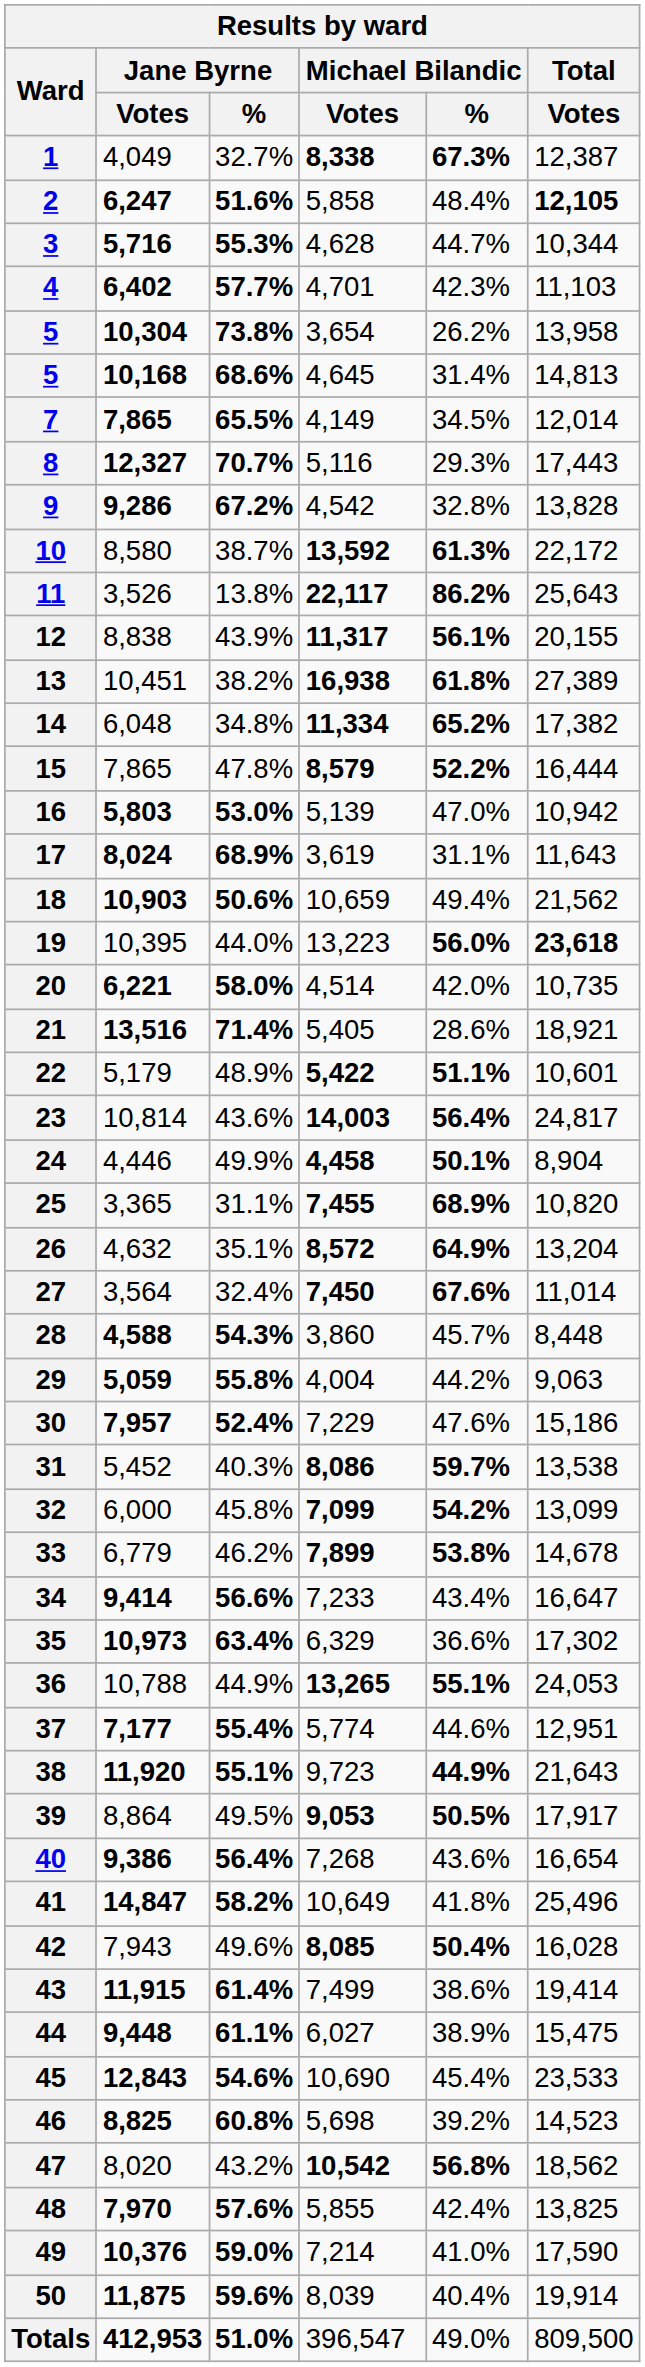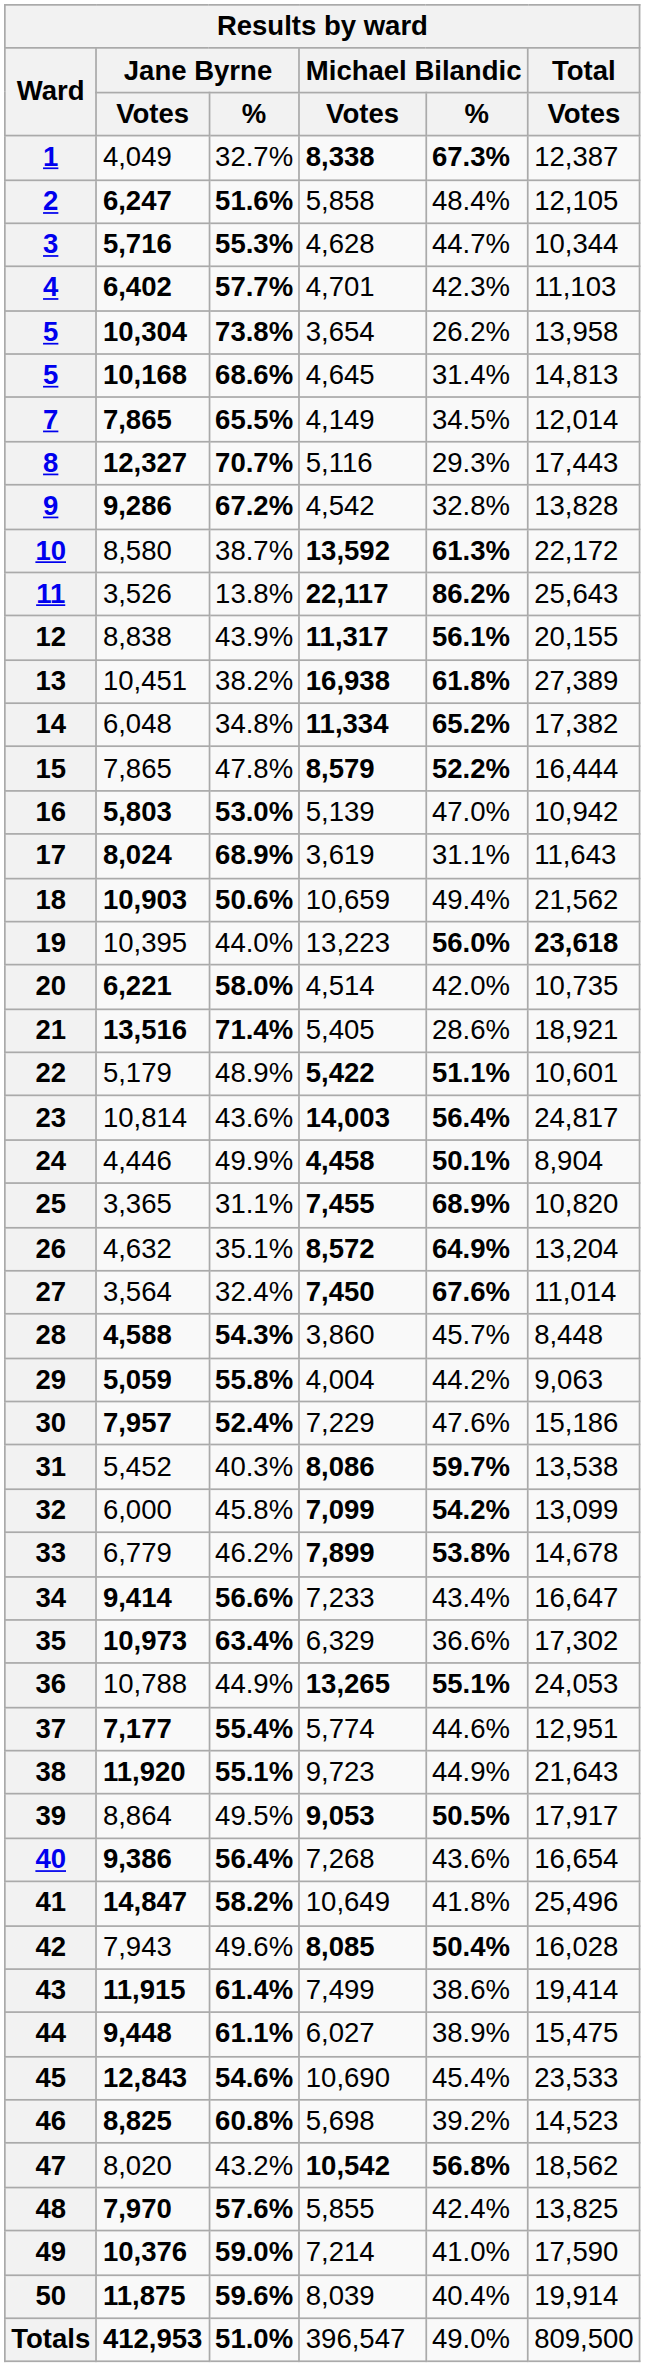 <table class="wikitable collapsible collapsed sortable">
 <tr>
 <th colspan=6>Results by ward</th>
 </tr>
 <tr>
 <th rowspan=2>Ward</th>
 <th colspan=2>Jane Byrne</th>
 <th colspan=2>Michael Bilandic</th>
 <th>Total</th>
 </tr>
 <tr>
 <th>Votes</th>
 <th>%</th>
 <th>Votes</th>
 <th>%</th>
 <th>Votes</th>
 </tr>
 <tr>
 <th><a href='#'>1</a></th>
 <td>4,049</td>
 <td>32.7%</td>
 <td><strong>8,338</strong></td>
 <td><strong>67.3%</strong></td>
 <td>12,387</td>
 </tr>
 <tr>
 <th><a href='#'>2</a></th>
 <td><strong>6,247</strong></td>
 <td><strong>51.6%</strong></td>
 <td>5,858</td>
 <td>48.4%</td>
-<td><strong>12,105</strong></td>
+<td>12,105</td>
 </tr>
 <tr>
 <th><a href='#'>3</a></th>
 <td><strong>5,716</strong></td>
 <td><strong>55.3%</strong></td>
 <td>4,628</td>
 <td>44.7%</td>
 <td>10,344</td>
 </tr>
 <tr>
 <th><a href='#'>4</a></th>
 <td><strong>6,402</strong></td>
 <td><strong>57.7%</strong></td>
 <td>4,701</td>
 <td>42.3%</td>
 <td>11,103</td>
 </tr>
 <tr>
 <th><a href='#'>5</a></th>
 <td><strong>10,304</strong></td>
 <td><strong>73.8%</strong></td>
 <td>3,654</td>
 <td>26.2%</td>
 <td>13,958</td>
 </tr>
 <tr>
 <th><a href='#'>5</a></th>
 <td><strong>10,168</strong></td>
 <td><strong>68.6%</strong></td>
 <td>4,645</td>
 <td>31.4%</td>
 <td>14,813</td>
 </tr>
 <tr>
 <th><a href='#'>7</a></th>
 <td><strong>7,865</strong></td>
 <td><strong>65.5%</strong></td>
 <td>4,149</td>
 <td>34.5%</td>
 <td>12,014</td>
 </tr>
 <tr>
 <th><a href='#'>8</a></th>
 <td><strong>12,327</strong></td>
 <td><strong>70.7%</strong></td>
 <td>5,116</td>
 <td>29.3%</td>
 <td>17,443</td>
 </tr>
 <tr>
 <th><a href='#'>9</a></th>
 <td><strong>9,286</strong></td>
 <td><strong>67.2%</strong></td>
 <td>4,542</td>
 <td>32.8%</td>
 <td>13,828</td>
 </tr>
 <tr>
 <th><a href='#'>10</a></th>
 <td>8,580</td>
 <td>38.7%</td>
 <td><strong>13,592</strong></td>
 <td><strong>61.3%</strong></td>
 <td>22,172</td>
 </tr>
 <tr>
 <th><a href='#'>11</a></th>
 <td>3,526</td>
 <td>13.8%</td>
 <td><strong>22,117</strong></td>
 <td><strong>86.2%</strong></td>
 <td>25,643</td>
 </tr>
 <tr>
 <th>12</th>
 <td>8,838</td>
 <td>43.9%</td>
 <td><strong>11,317</strong></td>
 <td><strong>56.1%</strong></td>
 <td>20,155</td>
 </tr>
 <tr>
 <th>13</th>
 <td>10,451</td>
 <td>38.2%</td>
 <td><strong>16,938</strong></td>
 <td><strong>61.8%</strong></td>
 <td>27,389</td>
 </tr>
 <tr>
 <th>14</th>
 <td>6,048</td>
 <td>34.8%</td>
 <td><strong>11,334</strong></td>
 <td><strong>65.2%</strong></td>
 <td>17,382</td>
 </tr>
 <tr>
 <th>15</th>
 <td>7,865</td>
 <td>47.8%</td>
 <td><strong>8,579</strong></td>
 <td><strong>52.2%</strong></td>
 <td>16,444</td>
 </tr>
 <tr>
 <th>16</th>
 <td><strong>5,803</strong></td>
 <td><strong>53.0%</strong></td>
 <td>5,139</td>
 <td>47.0%</td>
 <td>10,942</td>
 </tr>
 <tr>
 <th>17</th>
 <td><strong>8,024</strong></td>
 <td><strong>68.9%</strong></td>
 <td>3,619</td>
 <td>31.1%</td>
 <td>11,643</td>
 </tr>
 <tr>
 <th>18</th>
 <td><strong>10,903</strong></td>
 <td><strong>50.6%</strong></td>
 <td>10,659</td>
 <td>49.4%</td>
 <td>21,562</td>
 </tr>
 <tr>
 <th>19</th>
 <td>10,395</td>
 <td>44.0%</td>
 <td>13,223</td>
 <td><strong>56.0%</strong></td>
 <td><strong>23,618</strong></td>
 </tr>
 <tr>
 <th>20</th>
 <td><strong>6,221</strong></td>
 <td><strong>58.0%</strong></td>
 <td>4,514</td>
 <td>42.0%</td>
 <td>10,735</td>
 </tr>
 <tr>
 <th>21</th>
 <td><strong>13,516</strong></td>
 <td><strong>71.4%</strong></td>
 <td>5,405</td>
 <td>28.6%</td>
 <td>18,921</td>
 </tr>
 <tr>
 <th>22</th>
 <td>5,179</td>
 <td>48.9%</td>
 <td><strong>5,422</strong></td>
 <td><strong>51.1%</strong></td>
 <td>10,601</td>
 </tr>
 <tr>
 <th>23</th>
 <td>10,814</td>
 <td>43.6%</td>
 <td><strong>14,003</strong></td>
 <td><strong>56.4%</strong></td>
 <td>24,817</td>
 </tr>
 <tr>
 <th>24</th>
 <td>4,446</td>
 <td>49.9%</td>
 <td><strong>4,458</strong></td>
 <td><strong>50.1%</strong></td>
 <td>8,904</td>
 </tr>
 <tr>
 <th>25</th>
 <td>3,365</td>
 <td>31.1%</td>
 <td><strong>7,455</strong></td>
 <td><strong>68.9%</strong></td>
 <td>10,820</td>
 </tr>
 <tr>
 <th>26</th>
 <td>4,632</td>
 <td>35.1%</td>
 <td><strong>8,572</strong></td>
 <td><strong>64.9%</strong></td>
 <td>13,204</td>
 </tr>
 <tr>
 <th>27</th>
 <td>3,564</td>
 <td>32.4%</td>
 <td><strong>7,450</strong></td>
 <td><strong>67.6%</strong></td>
 <td>11,014</td>
 </tr>
 <tr>
 <th>28</th>
 <td><strong>4,588</strong></td>
 <td><strong>54.3%</strong></td>
 <td>3,860</td>
 <td>45.7%</td>
 <td>8,448</td>
 </tr>
 <tr>
 <th>29</th>
 <td><strong>5,059</strong></td>
 <td><strong>55.8%</strong></td>
 <td>4,004</td>
 <td>44.2%</td>
 <td>9,063</td>
 </tr>
 <tr>
 <th>30</th>
 <td><strong>7,957</strong></td>
 <td><strong>52.4%</strong></td>
 <td>7,229</td>
 <td>47.6%</td>
 <td>15,186</td>
 </tr>
 <tr>
 <th>31</th>
 <td>5,452</td>
 <td>40.3%</td>
 <td><strong>8,086</strong></td>
 <td><strong>59.7%</strong></td>
 <td>13,538</td>
 </tr>
 <tr>
 <th>32</th>
 <td>6,000</td>
 <td>45.8%</td>
 <td><strong>7,099</strong></td>
 <td><strong>54.2%</strong></td>
 <td>13,099</td>
 </tr>
 <tr>
 <th>33</th>
 <td>6,779</td>
 <td>46.2%</td>
 <td><strong>7,899</strong></td>
 <td><strong>53.8%</strong></td>
 <td>14,678</td>
 </tr>
 <tr>
 <th>34</th>
 <td><strong>9,414</strong></td>
 <td><strong>56.6%</strong></td>
 <td>7,233</td>
 <td>43.4%</td>
 <td>16,647</td>
 </tr>
 <tr>
 <th>35</th>
 <td><strong>10,973</strong></td>
 <td><strong>63.4%</strong></td>
 <td>6,329</td>
 <td>36.6%</td>
 <td>17,302</td>
 </tr>
 <tr>
 <th>36</th>
 <td>10,788</td>
 <td>44.9%</td>
 <td><strong>13,265</strong></td>
 <td><strong>55.1%</strong></td>
 <td>24,053</td>
 </tr>
 <tr>
 <th>37</th>
 <td><strong>7,177</strong></td>
 <td><strong>55.4%</strong></td>
 <td>5,774</td>
 <td>44.6%</td>
 <td>12,951</td>
 </tr>
 <tr>
 <th>38</th>
 <td><strong>11,920</strong></td>
 <td><strong>55.1%</strong></td>
 <td>9,723</td>
-<td><strong>44.9%</strong></td>
+<td>44.9%</td>
 <td>21,643</td>
 </tr>
 <tr>
 <th>39</th>
 <td>8,864</td>
 <td>49.5%</td>
 <td><strong>9,053</strong></td>
 <td><strong>50.5%</strong></td>
 <td>17,917</td>
 </tr>
 <tr>
 <th><a href='#'>40</a></th>
 <td><strong>9,386</strong></td>
 <td><strong>56.4%</strong></td>
 <td>7,268</td>
 <td>43.6%</td>
 <td>16,654</td>
 </tr>
 <tr>
 <th>41</th>
 <td><strong>14,847</strong></td>
 <td><strong>58.2%</strong></td>
 <td>10,649</td>
 <td>41.8%</td>
 <td>25,496</td>
 </tr>
 <tr>
 <th>42</th>
 <td>7,943</td>
 <td>49.6%</td>
 <td><strong>8,085</strong></td>
 <td><strong>50.4%</strong></td>
 <td>16,028</td>
 </tr>
 <tr>
 <th>43</th>
 <td><strong>11,915</strong></td>
 <td><strong>61.4%</strong></td>
 <td>7,499</td>
 <td>38.6%</td>
 <td>19,414</td>
 </tr>
 <tr>
 <th>44</th>
 <td><strong>9,448</strong></td>
 <td><strong>61.1%</strong></td>
 <td>6,027</td>
 <td>38.9%</td>
 <td>15,475</td>
 </tr>
 <tr>
 <th>45</th>
 <td><strong>12,843</strong></td>
 <td><strong>54.6%</strong></td>
 <td>10,690</td>
 <td>45.4%</td>
 <td>23,533</td>
 </tr>
 <tr>
 <th>46</th>
 <td><strong>8,825</strong></td>
 <td><strong>60.8%</strong></td>
 <td>5,698</td>
 <td>39.2%</td>
 <td>14,523</td>
 </tr>
 <tr>
 <th>47</th>
 <td>8,020</td>
 <td>43.2%</td>
 <td><strong>10,542</strong></td>
 <td><strong>56.8%</strong></td>
 <td>18,562</td>
 </tr>
 <tr>
 <th>48</th>
 <td><strong>7,970</strong></td>
 <td><strong>57.6% </strong></td>
 <td>5,855</td>
 <td>42.4%</td>
 <td>13,825</td>
 </tr>
 <tr>
 <th>49</th>
 <td><strong>10,376</strong></td>
 <td><strong>59.0%</strong></td>
 <td>7,214</td>
 <td>41.0%</td>
 <td>17,590</td>
 </tr>
 <tr>
 <th>50</th>
 <td><strong>11,875</strong></td>
 <td><strong>59.6%</strong></td>
 <td>8,039</td>
 <td>40.4%</td>
 <td>19,914</td>
 </tr>
 <tr>
 <th>Totals</th>
 <td><strong>412,953</strong></td>
 <td><strong>51.0%</strong></td>
 <td>396,547</td>
 <td>49.0%</td>
 <td>809,500</td>
 </tr>
 </table>
